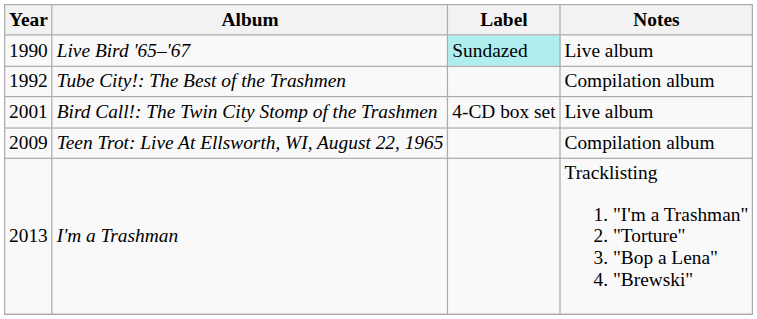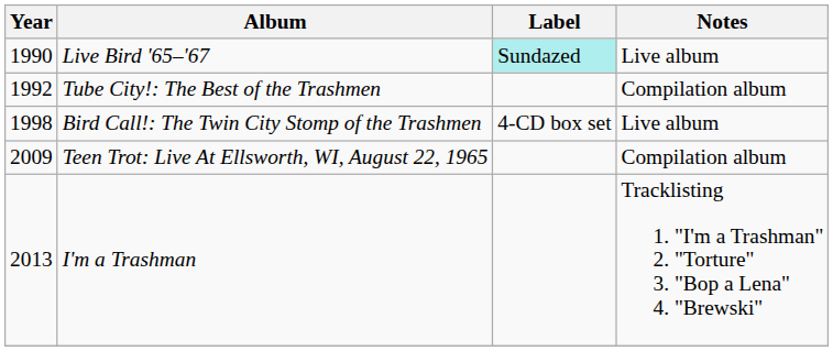 <table class="wikitable">
 <tr>
 <th>Year</th>
 <th>Album</th>
 <th>Label</th>
 <th>Notes</th>
 </tr>
 <tr>
 <td>1990</td>
 <td><em>Live Bird '65–'67</em></td>
 <td rowspans="5" style="background: paleturquoise;">Sundazed</td>
 <td>Live album</td>
 </tr>
 <tr>
 <td>1992</td>
 <td><em>Tube City!: The Best of the Trashmen</em></td>
 <td></td>
 <td>Compilation album</td>
 </tr>
 <tr>
-<td>2001</td>
+<td>1998</td>
 <td><em>Bird Call!: The Twin City Stomp of the Trashmen</em></td>
 <td>4-CD box set</td>
 <td>Live album</td>
 </tr>
 <tr>
 <td>2009</td>
 <td><em>Teen Trot: Live At Ellsworth, WI, August 22, 1965</em></td>
 <td></td>
 <td>Compilation album</td>
 </tr>
 <tr>
 <td>2013</td>
 <td><em>I'm a Trashman</em></td>
 <td></td>
 <td>Tracklisting<br><ol><li>"I'm a Trashman"</li><li>"Torture"</li><li>"Bop a Lena"</li><li>"Brewski"</li></ol></td>
 </tr>
 <tr>
 </tr>
 </table>
